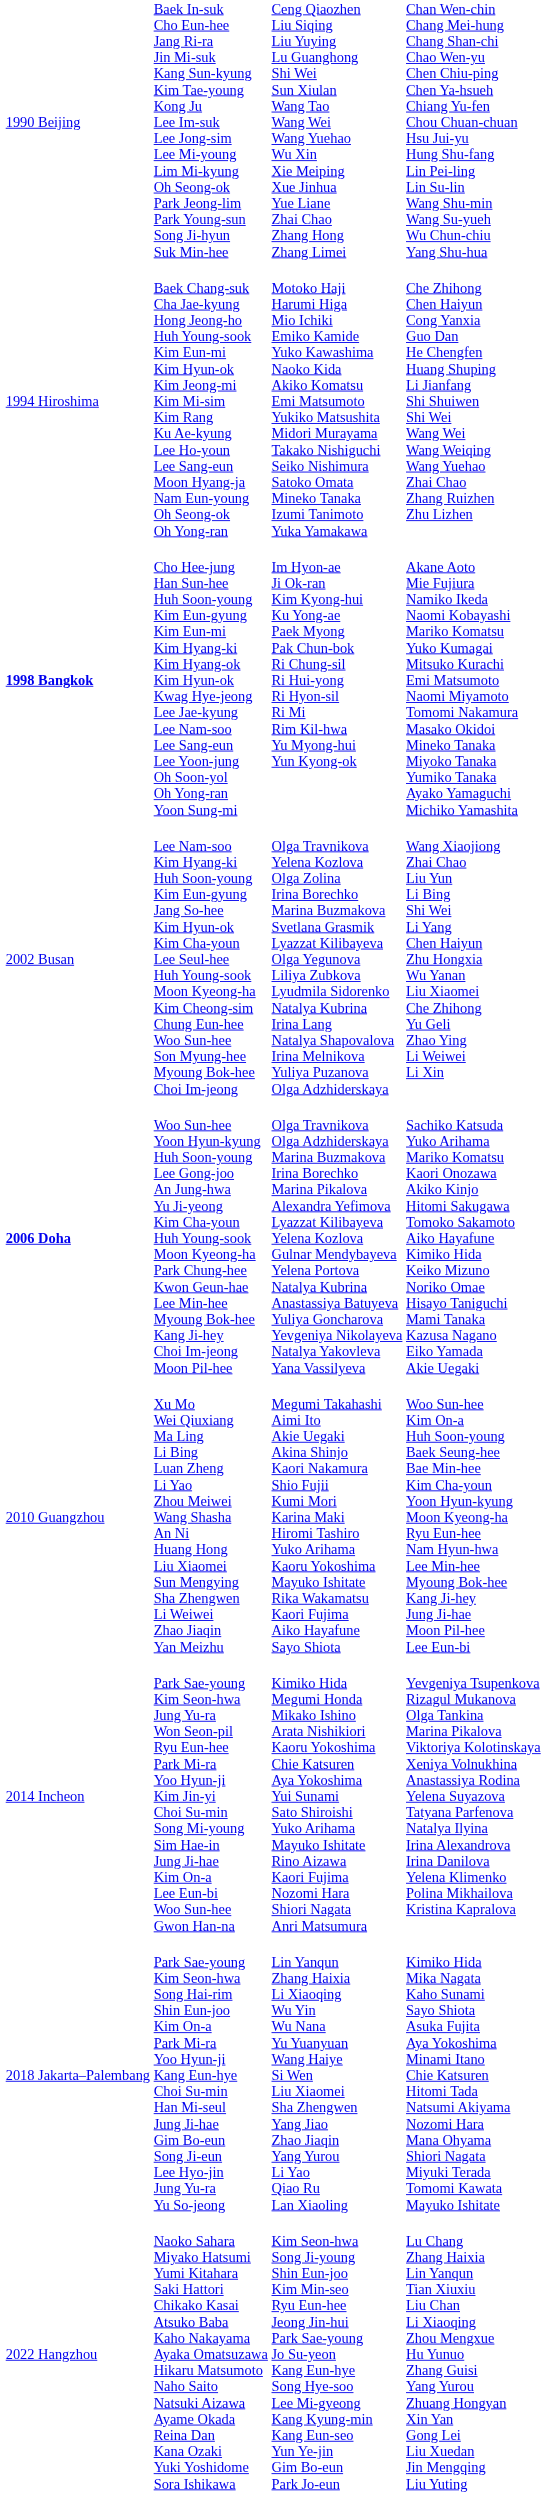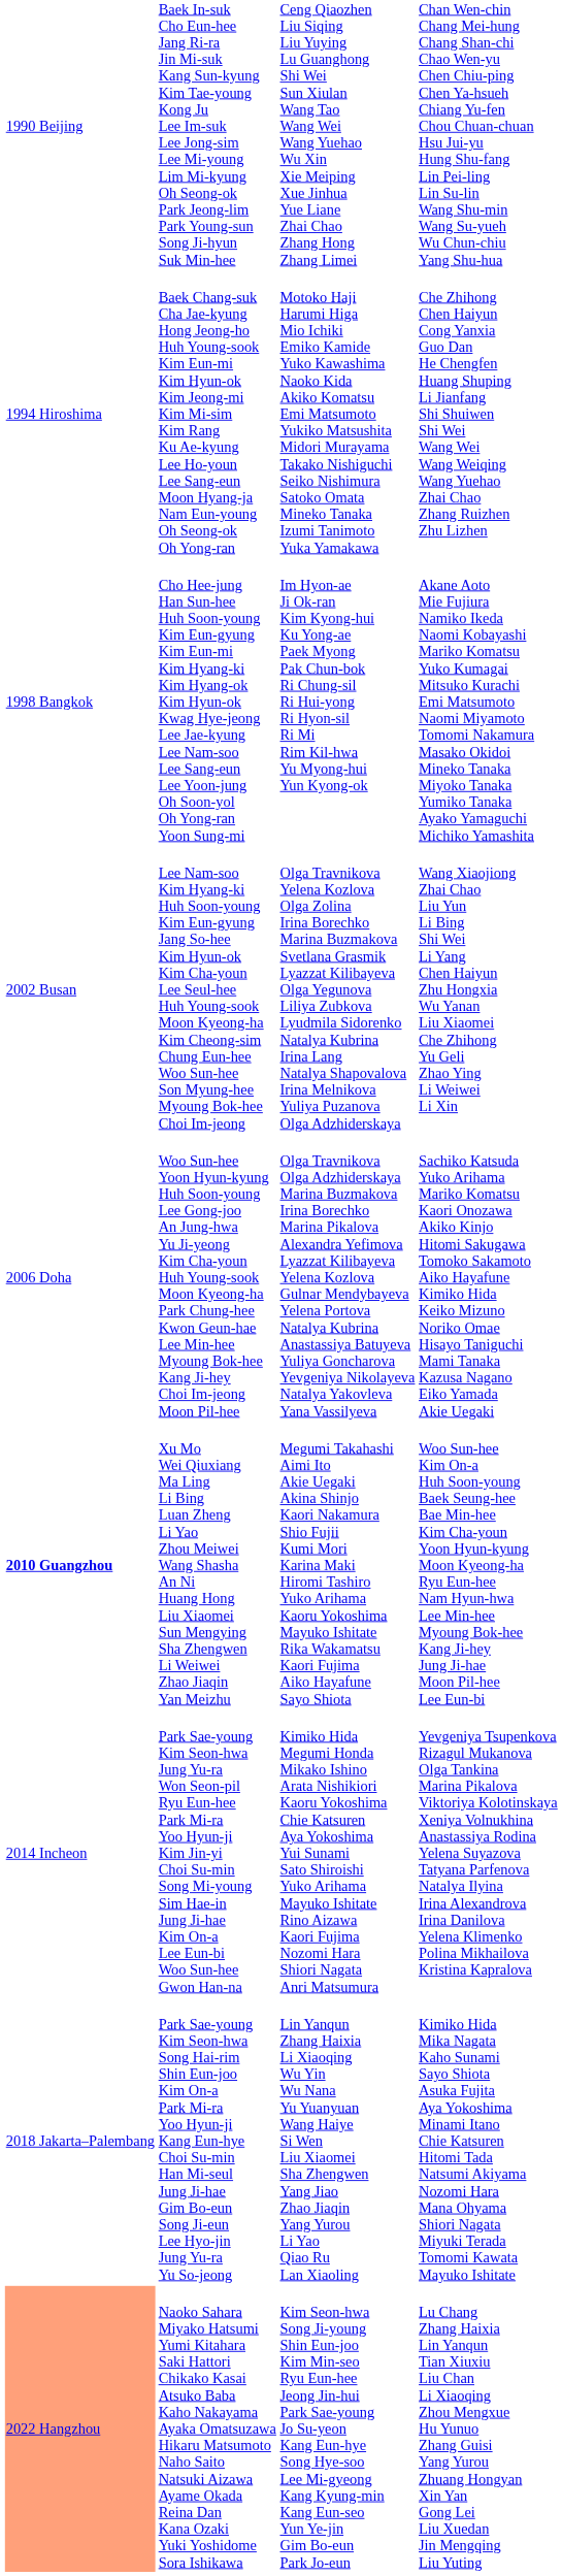 <table>
 <tr>
 <td><a href='#'>1990 Beijing</a></td>
 <td><br><a href='#'>Baek In-suk</a><br><a href='#'>Cho Eun-hee</a><br><a href='#'>Jang Ri-ra</a><br><a href='#'>Jin Mi-suk</a><br><a href='#'>Kang Sun-kyung</a><br><a href='#'>Kim Tae-young</a><br><a href='#'>Kong Ju</a><br><a href='#'>Lee Im-suk</a><br><a href='#'>Lee Jong-sim</a><br><a href='#'>Lee Mi-young</a><br><a href='#'>Lim Mi-kyung</a><br><a href='#'>Oh Seong-ok</a><br><a href='#'>Park Jeong-lim</a><br><a href='#'>Park Young-sun</a><br><a href='#'>Song Ji-hyun</a><br><a href='#'>Suk Min-hee</a></td>
 <td><br><a href='#'>Ceng Qiaozhen</a><br><a href='#'>Liu Siqing</a><br><a href='#'>Liu Yuying</a><br><a href='#'>Lu Guanghong</a><br><a href='#'>Shi Wei</a><br><a href='#'>Sun Xiulan</a><br><a href='#'>Wang Tao</a><br><a href='#'>Wang Wei</a><br><a href='#'>Wang Yuehao</a><br><a href='#'>Wu Xin</a><br><a href='#'>Xie Meiping</a><br><a href='#'>Xue Jinhua</a><br><a href='#'>Yue Liane</a><br><a href='#'>Zhai Chao</a><br><a href='#'>Zhang Hong</a><br><a href='#'>Zhang Limei</a></td>
 <td><br><a href='#'>Chan Wen-chin</a><br><a href='#'>Chang Mei-hung</a><br><a href='#'>Chang Shan-chi</a><br><a href='#'>Chao Wen-yu</a><br><a href='#'>Chen Chiu-ping</a><br><a href='#'>Chen Ya-hsueh</a><br><a href='#'>Chiang Yu-fen</a><br><a href='#'>Chou Chuan-chuan</a><br><a href='#'>Hsu Jui-yu</a><br><a href='#'>Hung Shu-fang</a><br><a href='#'>Lin Pei-ling</a><br><a href='#'>Lin Su-lin</a><br><a href='#'>Wang Shu-min</a><br><a href='#'>Wang Su-yueh</a><br><a href='#'>Wu Chun-chiu</a><br><a href='#'>Yang Shu-hua</a></td>
 </tr>
 <tr>
 <td><a href='#'>1994 Hiroshima</a></td>
 <td><br><a href='#'>Baek Chang-suk</a><br><a href='#'>Cha Jae-kyung</a><br><a href='#'>Hong Jeong-ho</a><br><a href='#'>Huh Young-sook</a><br><a href='#'>Kim Eun-mi</a><br><a href='#'>Kim Hyun-ok</a><br><a href='#'>Kim Jeong-mi</a><br><a href='#'>Kim Mi-sim</a><br><a href='#'>Kim Rang</a><br><a href='#'>Ku Ae-kyung</a><br><a href='#'>Lee Ho-youn</a><br><a href='#'>Lee Sang-eun</a><br><a href='#'>Moon Hyang-ja</a><br><a href='#'>Nam Eun-young</a><br><a href='#'>Oh Seong-ok</a><br><a href='#'>Oh Yong-ran</a></td>
 <td><br><a href='#'>Motoko Haji</a><br><a href='#'>Harumi Higa</a><br><a href='#'>Mio Ichiki</a><br><a href='#'>Emiko Kamide</a><br><a href='#'>Yuko Kawashima</a><br><a href='#'>Naoko Kida</a><br><a href='#'>Akiko Komatsu</a><br><a href='#'>Emi Matsumoto</a><br><a href='#'>Yukiko Matsushita</a><br><a href='#'>Midori Murayama</a><br><a href='#'>Takako Nishiguchi</a><br><a href='#'>Seiko Nishimura</a><br><a href='#'>Satoko Omata</a><br><a href='#'>Mineko Tanaka</a><br><a href='#'>Izumi Tanimoto</a><br><a href='#'>Yuka Yamakawa</a></td>
 <td valign=top><br><a href='#'>Che Zhihong</a><br><a href='#'>Chen Haiyun</a><br><a href='#'>Cong Yanxia</a><br><a href='#'>Guo Dan</a><br><a href='#'>He Chengfen</a><br><a href='#'>Huang Shuping</a><br><a href='#'>Li Jianfang</a><br><a href='#'>Shi Shuiwen</a><br><a href='#'>Shi Wei</a><br><a href='#'>Wang Wei</a><br><a href='#'>Wang Weiqing</a><br><a href='#'>Wang Yuehao</a><br><a href='#'>Zhai Chao</a><br><a href='#'>Zhang Ruizhen</a><br><a href='#'>Zhu Lizhen</a></td>
 </tr>
 <tr>
-<td><strong><a href='#'>1998 Bangkok</a></strong></td>
+<td><a href='#'>1998 Bangkok</a></td>
 <td><br><a href='#'>Cho Hee-jung</a><br><a href='#'>Han Sun-hee</a><br><a href='#'>Huh Soon-young</a><br><a href='#'>Kim Eun-gyung</a><br><a href='#'>Kim Eun-mi</a><br><a href='#'>Kim Hyang-ki</a><br><a href='#'>Kim Hyang-ok</a><br><a href='#'>Kim Hyun-ok</a><br><a href='#'>Kwag Hye-jeong</a><br><a href='#'>Lee Jae-kyung</a><br><a href='#'>Lee Nam-soo</a><br><a href='#'>Lee Sang-eun</a><br><a href='#'>Lee Yoon-jung</a><br><a href='#'>Oh Soon-yol</a><br><a href='#'>Oh Yong-ran</a><br><a href='#'>Yoon Sung-mi</a></td>
 <td valign=top><br><a href='#'>Im Hyon-ae</a><br><a href='#'>Ji Ok-ran</a><br><a href='#'>Kim Kyong-hui</a><br><a href='#'>Ku Yong-ae</a><br><a href='#'>Paek Myong</a><br><a href='#'>Pak Chun-bok</a><br><a href='#'>Ri Chung-sil</a><br><a href='#'>Ri Hui-yong</a><br><a href='#'>Ri Hyon-sil</a><br><a href='#'>Ri Mi</a><br><a href='#'>Rim Kil-hwa</a><br><a href='#'>Yu Myong-hui</a><br><a href='#'>Yun Kyong-ok</a></td>
 <td><br><a href='#'>Akane Aoto</a><br><a href='#'>Mie Fujiura</a><br><a href='#'>Namiko Ikeda</a><br><a href='#'>Naomi Kobayashi</a><br><a href='#'>Mariko Komatsu</a><br><a href='#'>Yuko Kumagai</a><br><a href='#'>Mitsuko Kurachi</a><br><a href='#'>Emi Matsumoto</a><br><a href='#'>Naomi Miyamoto</a><br><a href='#'>Tomomi Nakamura</a><br><a href='#'>Masako Okidoi</a><br><a href='#'>Mineko Tanaka</a><br><a href='#'>Miyoko Tanaka</a><br><a href='#'>Yumiko Tanaka</a><br><a href='#'>Ayako Yamaguchi</a><br><a href='#'>Michiko Yamashita</a></td>
 </tr>
 <tr>
 <td><a href='#'>2002 Busan</a></td>
 <td><br><a href='#'>Lee Nam-soo</a><br><a href='#'>Kim Hyang-ki</a><br><a href='#'>Huh Soon-young</a><br><a href='#'>Kim Eun-gyung</a><br><a href='#'>Jang So-hee</a><br><a href='#'>Kim Hyun-ok</a><br><a href='#'>Kim Cha-youn</a><br><a href='#'>Lee Seul-hee</a><br><a href='#'>Huh Young-sook</a><br><a href='#'>Moon Kyeong-ha</a><br><a href='#'>Kim Cheong-sim</a><br><a href='#'>Chung Eun-hee</a><br><a href='#'>Woo Sun-hee</a><br><a href='#'>Son Myung-hee</a><br><a href='#'>Myoung Bok-hee</a><br><a href='#'>Choi Im-jeong</a></td>
 <td><br><a href='#'>Olga Travnikova</a><br><a href='#'>Yelena Kozlova</a><br><a href='#'>Olga Zolina</a><br><a href='#'>Irina Borechko</a><br><a href='#'>Marina Buzmakova</a><br><a href='#'>Svetlana Grasmik</a><br><a href='#'>Lyazzat Kilibayeva</a><br><a href='#'>Olga Yegunova</a><br><a href='#'>Liliya Zubkova</a><br><a href='#'>Lyudmila Sidorenko</a><br><a href='#'>Natalya Kubrina</a><br><a href='#'>Irina Lang</a><br><a href='#'>Natalya Shapovalova</a><br><a href='#'>Irina Melnikova</a><br><a href='#'>Yuliya Puzanova</a><br><a href='#'>Olga Adzhiderskaya</a></td>
 <td valign=top><br><a href='#'>Wang Xiaojiong</a><br><a href='#'>Zhai Chao</a><br><a href='#'>Liu Yun</a><br><a href='#'>Li Bing</a><br><a href='#'>Shi Wei</a><br><a href='#'>Li Yang</a><br><a href='#'>Chen Haiyun</a><br><a href='#'>Zhu Hongxia</a><br><a href='#'>Wu Yanan</a><br><a href='#'>Liu Xiaomei</a><br><a href='#'>Che Zhihong</a><br><a href='#'>Yu Geli</a><br><a href='#'>Zhao Ying</a><br><a href='#'>Li Weiwei</a><br><a href='#'>Li Xin</a></td>
 </tr>
 <tr>
-<td><strong><a href='#'>2006 Doha</a></strong></td>
+<td><a href='#'>2006 Doha</a></td>
 <td><br><a href='#'>Woo Sun-hee</a><br><a href='#'>Yoon Hyun-kyung</a><br><a href='#'>Huh Soon-young</a><br><a href='#'>Lee Gong-joo</a><br><a href='#'>An Jung-hwa</a><br><a href='#'>Yu Ji-yeong</a><br><a href='#'>Kim Cha-youn</a><br><a href='#'>Huh Young-sook</a><br><a href='#'>Moon Kyeong-ha</a><br><a href='#'>Park Chung-hee</a><br><a href='#'>Kwon Geun-hae</a><br><a href='#'>Lee Min-hee</a><br><a href='#'>Myoung Bok-hee</a><br><a href='#'>Kang Ji-hey</a><br><a href='#'>Choi Im-jeong</a><br><a href='#'>Moon Pil-hee</a></td>
 <td><br><a href='#'>Olga Travnikova</a><br><a href='#'>Olga Adzhiderskaya</a><br><a href='#'>Marina Buzmakova</a><br><a href='#'>Irina Borechko</a><br><a href='#'>Marina Pikalova</a><br><a href='#'>Alexandra Yefimova</a><br><a href='#'>Lyazzat Kilibayeva</a><br><a href='#'>Yelena Kozlova</a><br><a href='#'>Gulnar Mendybayeva</a><br><a href='#'>Yelena Portova</a><br><a href='#'>Natalya Kubrina</a><br><a href='#'>Anastassiya Batuyeva</a><br><a href='#'>Yuliya Goncharova</a><br><a href='#'>Yevgeniya Nikolayeva</a><br><a href='#'>Natalya Yakovleva</a><br><a href='#'>Yana Vassilyeva</a></td>
 <td><br><a href='#'>Sachiko Katsuda</a><br><a href='#'>Yuko Arihama</a><br><a href='#'>Mariko Komatsu</a><br><a href='#'>Kaori Onozawa</a><br><a href='#'>Akiko Kinjo</a><br><a href='#'>Hitomi Sakugawa</a><br><a href='#'>Tomoko Sakamoto</a><br><a href='#'>Aiko Hayafune</a><br><a href='#'>Kimiko Hida</a><br><a href='#'>Keiko Mizuno</a><br><a href='#'>Noriko Omae</a><br><a href='#'>Hisayo Taniguchi</a><br><a href='#'>Mami Tanaka</a><br><a href='#'>Kazusa Nagano</a><br><a href='#'>Eiko Yamada</a><br><a href='#'>Akie Uegaki</a></td>
 </tr>
 <tr>
-<td><a href='#'>2010 Guangzhou</a></td>
+<td><strong><a href='#'>2010 Guangzhou</a></strong></td>
 <td><br><a href='#'>Xu Mo</a><br><a href='#'>Wei Qiuxiang</a><br><a href='#'>Ma Ling</a><br><a href='#'>Li Bing</a><br><a href='#'>Luan Zheng</a><br><a href='#'>Li Yao</a><br><a href='#'>Zhou Meiwei</a><br><a href='#'>Wang Shasha</a><br><a href='#'>An Ni</a><br><a href='#'>Huang Hong</a><br><a href='#'>Liu Xiaomei</a><br><a href='#'>Sun Mengying</a><br><a href='#'>Sha Zhengwen</a><br><a href='#'>Li Weiwei</a><br><a href='#'>Zhao Jiaqin</a><br><a href='#'>Yan Meizhu</a></td>
 <td><br><a href='#'>Megumi Takahashi</a><br><a href='#'>Aimi Ito</a><br><a href='#'>Akie Uegaki</a><br><a href='#'>Akina Shinjo</a><br><a href='#'>Kaori Nakamura</a><br><a href='#'>Shio Fujii</a><br><a href='#'>Kumi Mori</a><br><a href='#'>Karina Maki</a><br><a href='#'>Hiromi Tashiro</a><br><a href='#'>Yuko Arihama</a><br><a href='#'>Kaoru Yokoshima</a><br><a href='#'>Mayuko Ishitate</a><br><a href='#'>Rika Wakamatsu</a><br><a href='#'>Kaori Fujima</a><br><a href='#'>Aiko Hayafune</a><br><a href='#'>Sayo Shiota</a></td>
 <td><br><a href='#'>Woo Sun-hee</a><br><a href='#'>Kim On-a</a><br><a href='#'>Huh Soon-young</a><br><a href='#'>Baek Seung-hee</a><br><a href='#'>Bae Min-hee</a><br><a href='#'>Kim Cha-youn</a><br><a href='#'>Yoon Hyun-kyung</a><br><a href='#'>Moon Kyeong-ha</a><br><a href='#'>Ryu Eun-hee</a><br><a href='#'>Nam Hyun-hwa</a><br><a href='#'>Lee Min-hee</a><br><a href='#'>Myoung Bok-hee</a><br><a href='#'>Kang Ji-hey</a><br><a href='#'>Jung Ji-hae</a><br><a href='#'>Moon Pil-hee</a><br><a href='#'>Lee Eun-bi</a></td>
 </tr>
 <tr>
 <td><a href='#'>2014 Incheon</a></td>
 <td><br><a href='#'>Park Sae-young</a><br><a href='#'>Kim Seon-hwa</a><br><a href='#'>Jung Yu-ra</a><br><a href='#'>Won Seon-pil</a><br><a href='#'>Ryu Eun-hee</a><br><a href='#'>Park Mi-ra</a><br><a href='#'>Yoo Hyun-ji</a><br><a href='#'>Kim Jin-yi</a><br><a href='#'>Choi Su-min</a><br><a href='#'>Song Mi-young</a><br><a href='#'>Sim Hae-in</a><br><a href='#'>Jung Ji-hae</a><br><a href='#'>Kim On-a</a><br><a href='#'>Lee Eun-bi</a><br><a href='#'>Woo Sun-hee</a><br><a href='#'>Gwon Han-na</a></td>
 <td><br><a href='#'>Kimiko Hida</a><br><a href='#'>Megumi Honda</a><br><a href='#'>Mikako Ishino</a><br><a href='#'>Arata Nishikiori</a><br><a href='#'>Kaoru Yokoshima</a><br><a href='#'>Chie Katsuren</a><br><a href='#'>Aya Yokoshima</a><br><a href='#'>Yui Sunami</a><br><a href='#'>Sato Shiroishi</a><br><a href='#'>Yuko Arihama</a><br><a href='#'>Mayuko Ishitate</a><br><a href='#'>Rino Aizawa</a><br><a href='#'>Kaori Fujima</a><br><a href='#'>Nozomi Hara</a><br><a href='#'>Shiori Nagata</a><br><a href='#'>Anri Matsumura</a></td>
 <td valign=top><br><a href='#'>Yevgeniya Tsupenkova</a><br><a href='#'>Rizagul Mukanova</a><br><a href='#'>Olga Tankina</a><br><a href='#'>Marina Pikalova</a><br><a href='#'>Viktoriya Kolotinskaya</a><br><a href='#'>Xeniya Volnukhina</a><br><a href='#'>Anastassiya Rodina</a><br><a href='#'>Yelena Suyazova</a><br><a href='#'>Tatyana Parfenova</a><br><a href='#'>Natalya Ilyina</a><br><a href='#'>Irina Alexandrova</a><br><a href='#'>Irina Danilova</a><br><a href='#'>Yelena Klimenko</a><br><a href='#'>Polina Mikhailova</a><br><a href='#'>Kristina Kapralova</a></td>
 </tr>
 <tr>
 <td><a href='#'>2018 Jakarta–Palembang</a></td>
 <td><br><a href='#'>Park Sae-young</a><br><a href='#'>Kim Seon-hwa</a><br><a href='#'>Song Hai-rim</a><br><a href='#'>Shin Eun-joo</a><br><a href='#'>Kim On-a</a><br><a href='#'>Park Mi-ra</a><br><a href='#'>Yoo Hyun-ji</a><br><a href='#'>Kang Eun-hye</a><br><a href='#'>Choi Su-min</a><br><a href='#'>Han Mi-seul</a><br><a href='#'>Jung Ji-hae</a><br><a href='#'>Gim Bo-eun</a><br><a href='#'>Song Ji-eun</a><br><a href='#'>Lee Hyo-jin</a><br><a href='#'>Jung Yu-ra</a><br><a href='#'>Yu So-jeong</a></td>
 <td><br><a href='#'>Lin Yanqun</a><br><a href='#'>Zhang Haixia</a><br><a href='#'>Li Xiaoqing</a><br><a href='#'>Wu Yin</a><br><a href='#'>Wu Nana</a><br><a href='#'>Yu Yuanyuan</a><br><a href='#'>Wang Haiye</a><br><a href='#'>Si Wen</a><br><a href='#'>Liu Xiaomei</a><br><a href='#'>Sha Zhengwen</a><br><a href='#'>Yang Jiao</a><br><a href='#'>Zhao Jiaqin</a><br><a href='#'>Yang Yurou</a><br><a href='#'>Li Yao</a><br><a href='#'>Qiao Ru</a><br><a href='#'>Lan Xiaoling</a></td>
 <td><br><a href='#'>Kimiko Hida</a><br><a href='#'>Mika Nagata</a><br><a href='#'>Kaho Sunami</a><br><a href='#'>Sayo Shiota</a><br><a href='#'>Asuka Fujita</a><br><a href='#'>Aya Yokoshima</a><br><a href='#'>Minami Itano</a><br><a href='#'>Chie Katsuren</a><br><a href='#'>Hitomi Tada</a><br><a href='#'>Natsumi Akiyama</a><br><a href='#'>Nozomi Hara</a><br><a href='#'>Mana Ohyama</a><br><a href='#'>Shiori Nagata</a><br><a href='#'>Miyuki Terada</a><br><a href='#'>Tomomi Kawata</a><br><a href='#'>Mayuko Ishitate</a></td>
 </tr>
 <tr>
-<td><a href='#'>2022 Hangzhou</a></td>
+<td style="background: lightsalmon;"><a href='#'>2022 Hangzhou</a></td>
 <td><br><a href='#'>Naoko Sahara</a><br><a href='#'>Miyako Hatsumi</a><br><a href='#'>Yumi Kitahara</a><br><a href='#'>Saki Hattori</a><br><a href='#'>Chikako Kasai</a><br><a href='#'>Atsuko Baba</a><br><a href='#'>Kaho Nakayama</a><br><a href='#'>Ayaka Omatsuzawa</a><br><a href='#'>Hikaru Matsumoto</a><br><a href='#'>Naho Saito</a><br><a href='#'>Natsuki Aizawa</a><br><a href='#'>Ayame Okada</a><br><a href='#'>Reina Dan</a><br><a href='#'>Kana Ozaki</a><br><a href='#'>Yuki Yoshidome</a><br><a href='#'>Sora Ishikawa</a></td>
 <td><br><a href='#'>Kim Seon-hwa</a><br><a href='#'>Song Ji-young</a><br><a href='#'>Shin Eun-joo</a><br><a href='#'>Kim Min-seo</a><br><a href='#'>Ryu Eun-hee</a><br><a href='#'>Jeong Jin-hui</a><br><a href='#'>Park Sae-young</a><br><a href='#'>Jo Su-yeon</a><br><a href='#'>Kang Eun-hye</a><br><a href='#'>Song Hye-soo</a><br><a href='#'>Lee Mi-gyeong</a><br><a href='#'>Kang Kyung-min</a><br><a href='#'>Kang Eun-seo</a><br><a href='#'>Yun Ye-jin</a><br><a href='#'>Gim Bo-eun</a><br><a href='#'>Park Jo-eun</a></td>
 <td><br><a href='#'>Lu Chang</a><br><a href='#'>Zhang Haixia</a><br><a href='#'>Lin Yanqun</a><br><a href='#'>Tian Xiuxiu</a><br><a href='#'>Liu Chan</a><br><a href='#'>Li Xiaoqing</a><br><a href='#'>Zhou Mengxue</a><br><a href='#'>Hu Yunuo</a><br><a href='#'>Zhang Guisi</a><br><a href='#'>Yang Yurou</a><br><a href='#'>Zhuang Hongyan</a><br><a href='#'>Xin Yan</a><br><a href='#'>Gong Lei</a><br><a href='#'>Liu Xuedan</a><br><a href='#'>Jin Mengqing</a><br><a href='#'>Liu Yuting</a></td>
 </tr>
 </table>
